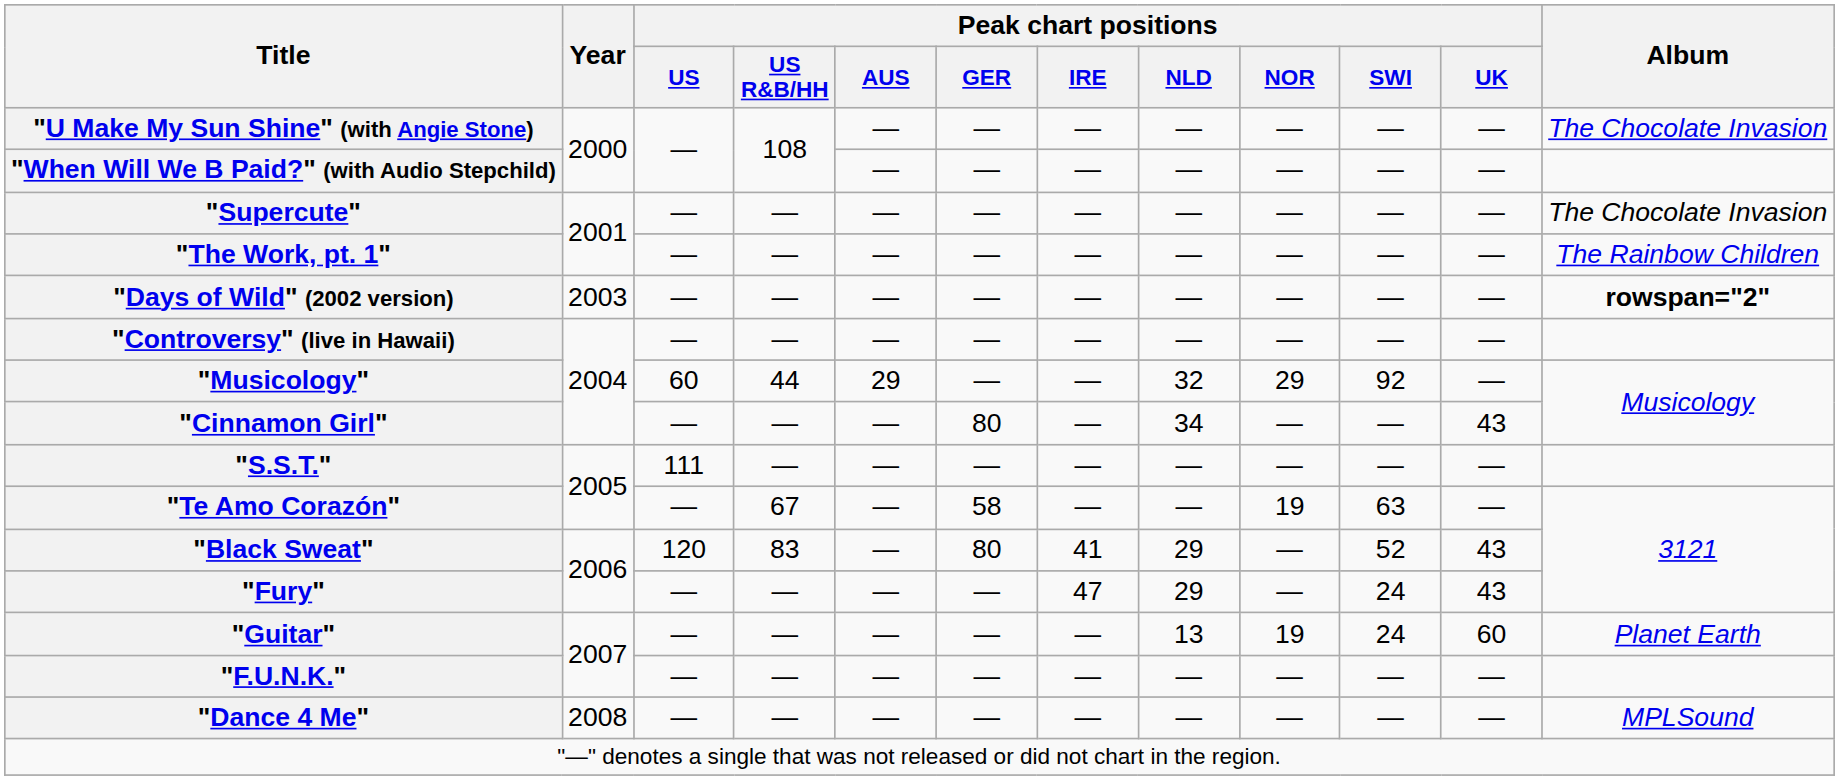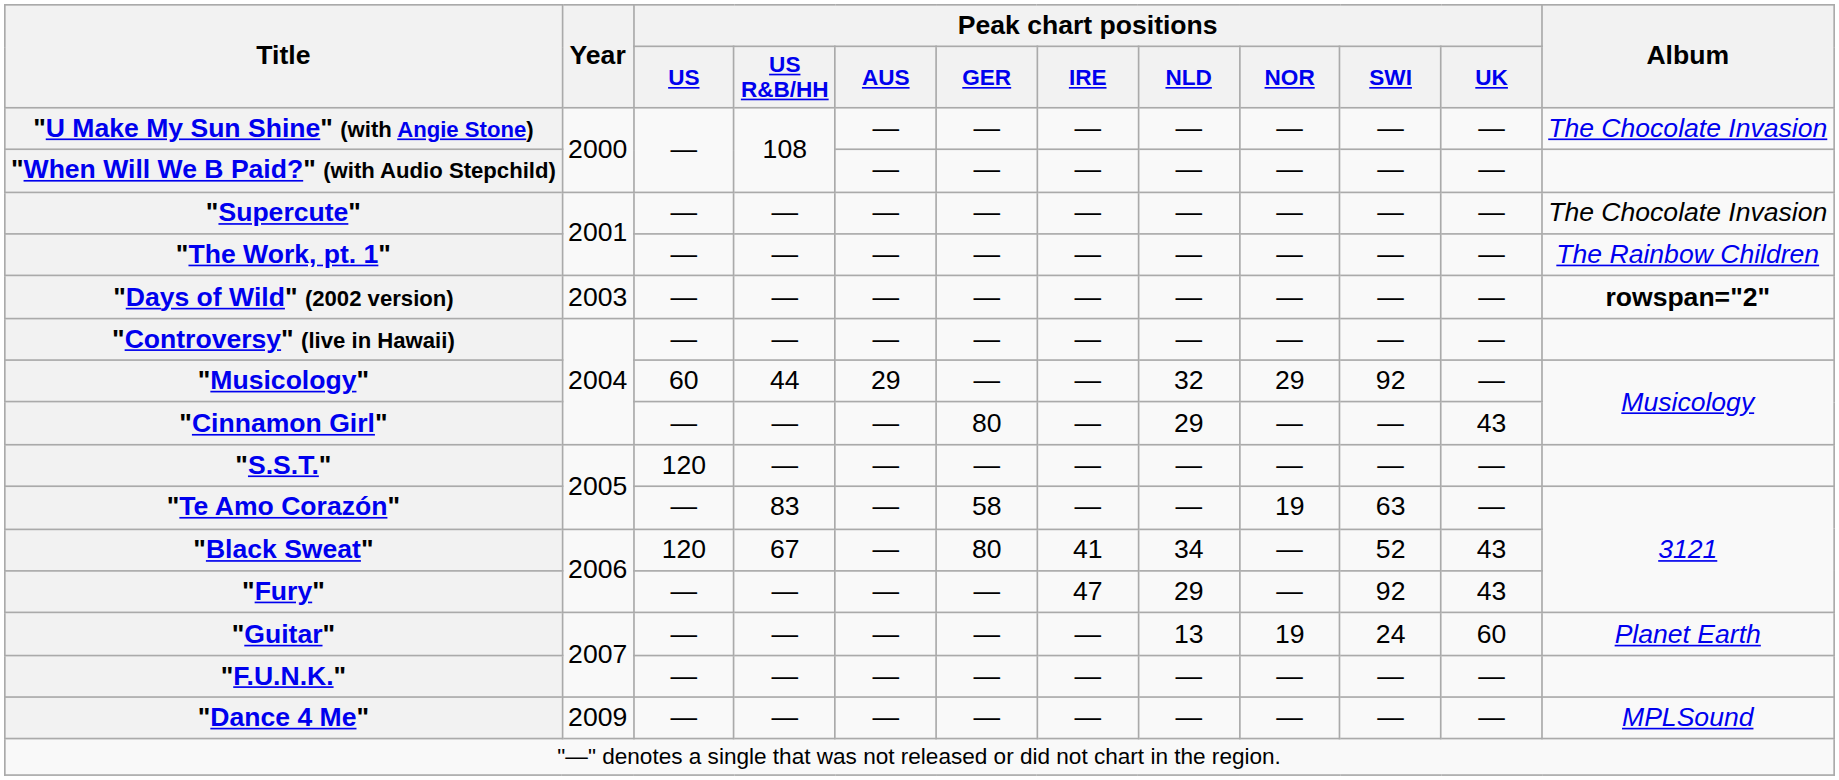 <table class="wikitable plainrowheaders" style="text-align:center;">
 <tr>
 <th scope="col" rowspan="2">Title</th>
 <th scope="col" rowspan="2">Year</th>
 <th scope="col" colspan="9">Peak chart positions</th>
 <th scope="col" rowspan="2">Album</th>
 </tr>
 <tr>
 <th style="width:4em;font-size:85%"><a href='#'>US</a><br></th>
 <th style="width:4em;font-size:85%"><a href='#'>US<br>R&B/HH</a><br></th>
 <th style="width:4em;font-size:85%"><a href='#'>AUS</a><br></th>
 <th style="width:4em;font-size:85%"><a href='#'>GER</a><br></th>
 <th style="width:4em;font-size:85%"><a href='#'>IRE</a><br></th>
 <th style="width:4em;font-size:85%"><a href='#'>NLD</a><br></th>
 <th style="width:4em;font-size:85%"><a href='#'>NOR</a><br></th>
 <th style="width:4em;font-size:85%"><a href='#'>SWI</a><br></th>
 <th style="width:4em;font-size:85%"><a href='#'>UK</a><br></th>
 </tr>
 <tr>
 <th scope="row">"<a href='#'>U Make My Sun Shine</a>" <small>(with <a href='#'>Angie Stone</a>)</small></th>
 <td rowspan="2">2000</td>
 <td rowspan="2">—</td>
 <td rowspan="2">108</td>
 <td>—</td>
 <td>—</td>
 <td>—</td>
 <td>—</td>
 <td>—</td>
 <td>—</td>
 <td>—</td>
 <td><em><a href='#'>The Chocolate Invasion</a></em></td>
 </tr>
 <tr>
 <th scope="row">"<a href='#'>When Will We B Paid?</a>" <small>(with Audio Stepchild)</small></th>
 <td>—</td>
 <td>—</td>
 <td>—</td>
 <td>—</td>
 <td>—</td>
 <td>—</td>
 <td>—</td>
 <td></td>
 </tr>
 <tr>
 <th scope="row">"<a href='#'>Supercute</a>"</th>
 <td rowspan="2">2001</td>
 <td>—</td>
 <td>—</td>
 <td>—</td>
 <td>—</td>
 <td>—</td>
 <td>—</td>
 <td>—</td>
 <td>—</td>
 <td>—</td>
 <td><em>The Chocolate Invasion</em></td>
 </tr>
 <tr>
 <th scope="row">"<a href='#'>The Work, pt. 1</a>"</th>
 <td>—</td>
 <td>—</td>
 <td>—</td>
 <td>—</td>
 <td>—</td>
 <td>—</td>
 <td>—</td>
 <td>—</td>
 <td>—</td>
 <td><em><a href='#'>The Rainbow Children</a></em></td>
 </tr>
 <tr>
 <th scope="row">"<a href='#'>Days of Wild</a>" <small>(2002 version)</small> </th>
 <td>2003</td>
 <td>—</td>
 <td>—</td>
 <td>—</td>
 <td>—</td>
 <td>—</td>
 <td>—</td>
 <td>—</td>
 <td>—</td>
 <td>—</td>
 <td><strong>rowspan="2" </strong></td>
 </tr>
 <tr>
 <th scope="row">"<a href='#'>Controversy</a>" <small>(live in Hawaii)</small> </th>
 <td rowspan="3">2004</td>
 <td>—</td>
 <td>—</td>
 <td>—</td>
 <td>—</td>
 <td>—</td>
 <td>—</td>
 <td>—</td>
 <td>—</td>
 <td>—</td>
 </tr>
 <tr>
 <th scope="row">"<a href='#'>Musicology</a>"</th>
 <td>60</td>
 <td>44</td>
 <td>29</td>
 <td>—</td>
 <td>—</td>
 <td>32</td>
 <td>29</td>
 <td>92</td>
 <td>—</td>
 <td rowspan="2"><em><a href='#'>Musicology</a></em></td>
 </tr>
 <tr>
 <th scope="row">"<a href='#'>Cinnamon Girl</a>"</th>
 <td>—</td>
 <td>—</td>
 <td>—</td>
 <td>80</td>
 <td>—</td>
-<td>34</td>
+<td>29</td>
 <td>—</td>
 <td>—</td>
 <td>43</td>
 </tr>
 <tr>
 <th scope="row">"<a href='#'>S.S.T.</a>"</th>
 <td rowspan="2">2005</td>
-<td>111</td>
+<td>120</td>
 <td>—</td>
 <td>—</td>
 <td>—</td>
 <td>—</td>
 <td>—</td>
 <td>—</td>
 <td>—</td>
 <td>—</td>
 <td></td>
 </tr>
 <tr>
 <th scope="row">"<a href='#'>Te Amo Corazón</a>"</th>
 <td>—</td>
-<td>67</td>
+<td>83</td>
 <td>—</td>
 <td>58</td>
 <td>—</td>
 <td>—</td>
 <td>19</td>
 <td>63</td>
 <td>—</td>
 <td rowspan="3"><em><a href='#'>3121</a></em></td>
 </tr>
 <tr>
 <th scope="row">"<a href='#'>Black Sweat</a>"</th>
 <td rowspan="2">2006</td>
 <td>120</td>
-<td>83</td>
+<td>67</td>
 <td>—</td>
 <td>80</td>
 <td>41</td>
-<td>29</td>
+<td>34</td>
 <td>—</td>
 <td>52</td>
 <td>43</td>
 </tr>
 <tr>
 <th scope="row">"<a href='#'>Fury</a>"</th>
 <td>—</td>
 <td>—</td>
 <td>—</td>
 <td>—</td>
 <td>47</td>
 <td>29</td>
 <td>—</td>
-<td>24</td>
+<td>92</td>
 <td>43</td>
 </tr>
 <tr>
 <th scope="row">"<a href='#'>Guitar</a>"</th>
 <td rowspan="2">2007</td>
 <td>—</td>
 <td>—</td>
 <td>—</td>
 <td>—</td>
 <td>—</td>
 <td>13</td>
 <td>19</td>
 <td>24</td>
 <td>60</td>
 <td><em><a href='#'>Planet Earth</a></em></td>
 </tr>
 <tr>
 <th scope="row">"<a href='#'>F.U.N.K.</a>"</th>
 <td>—</td>
 <td>—</td>
 <td>—</td>
 <td>—</td>
 <td>—</td>
 <td>—</td>
 <td>—</td>
 <td>—</td>
 <td>—</td>
 <td></td>
 </tr>
 <tr>
 <th scope="row">"<a href='#'>Dance 4 Me</a>"</th>
-<td>2008</td>
+<td>2009</td>
 <td>—</td>
 <td>—</td>
 <td>—</td>
 <td>—</td>
 <td>—</td>
 <td>—</td>
 <td>—</td>
 <td>—</td>
 <td>—</td>
 <td><em><a href='#'>MPLSound</a></em></td>
 </tr>
 <tr>
 <td colspan="14" style="font-size:85%;">"—" denotes a single that was not released or did not chart in the region.</td>
 </tr>
 </table>
